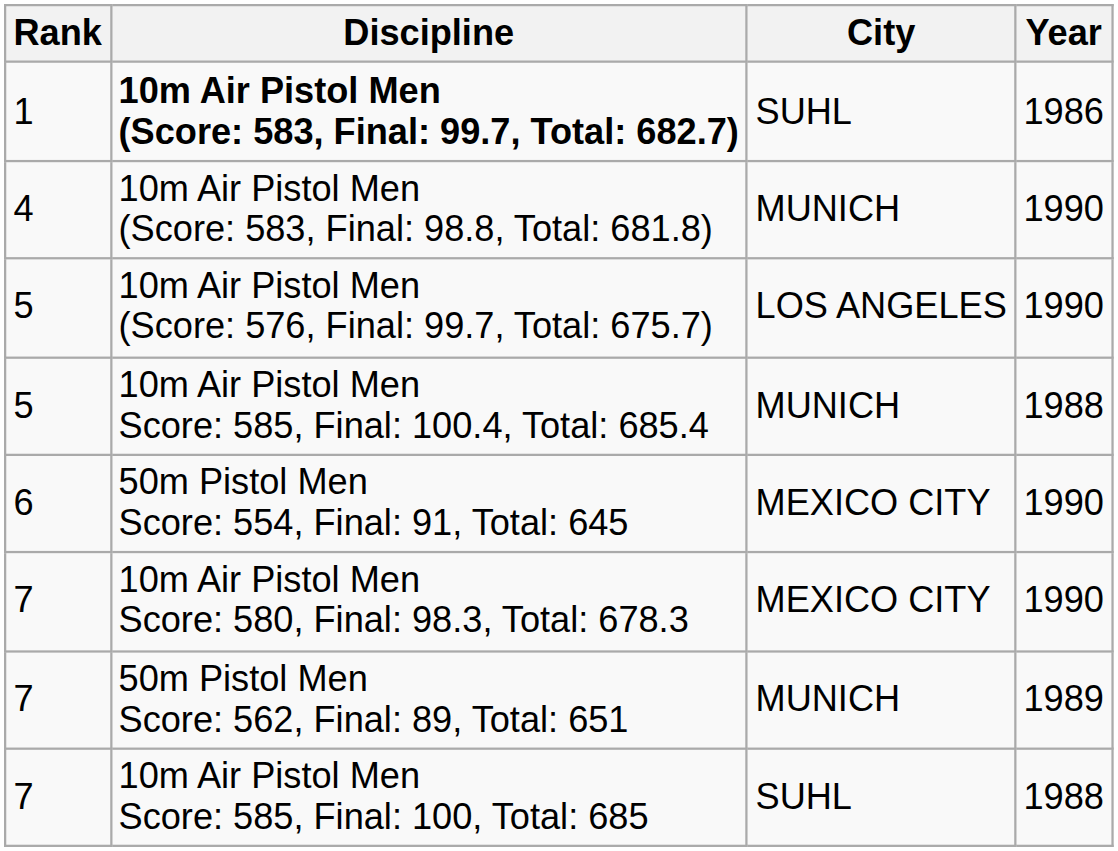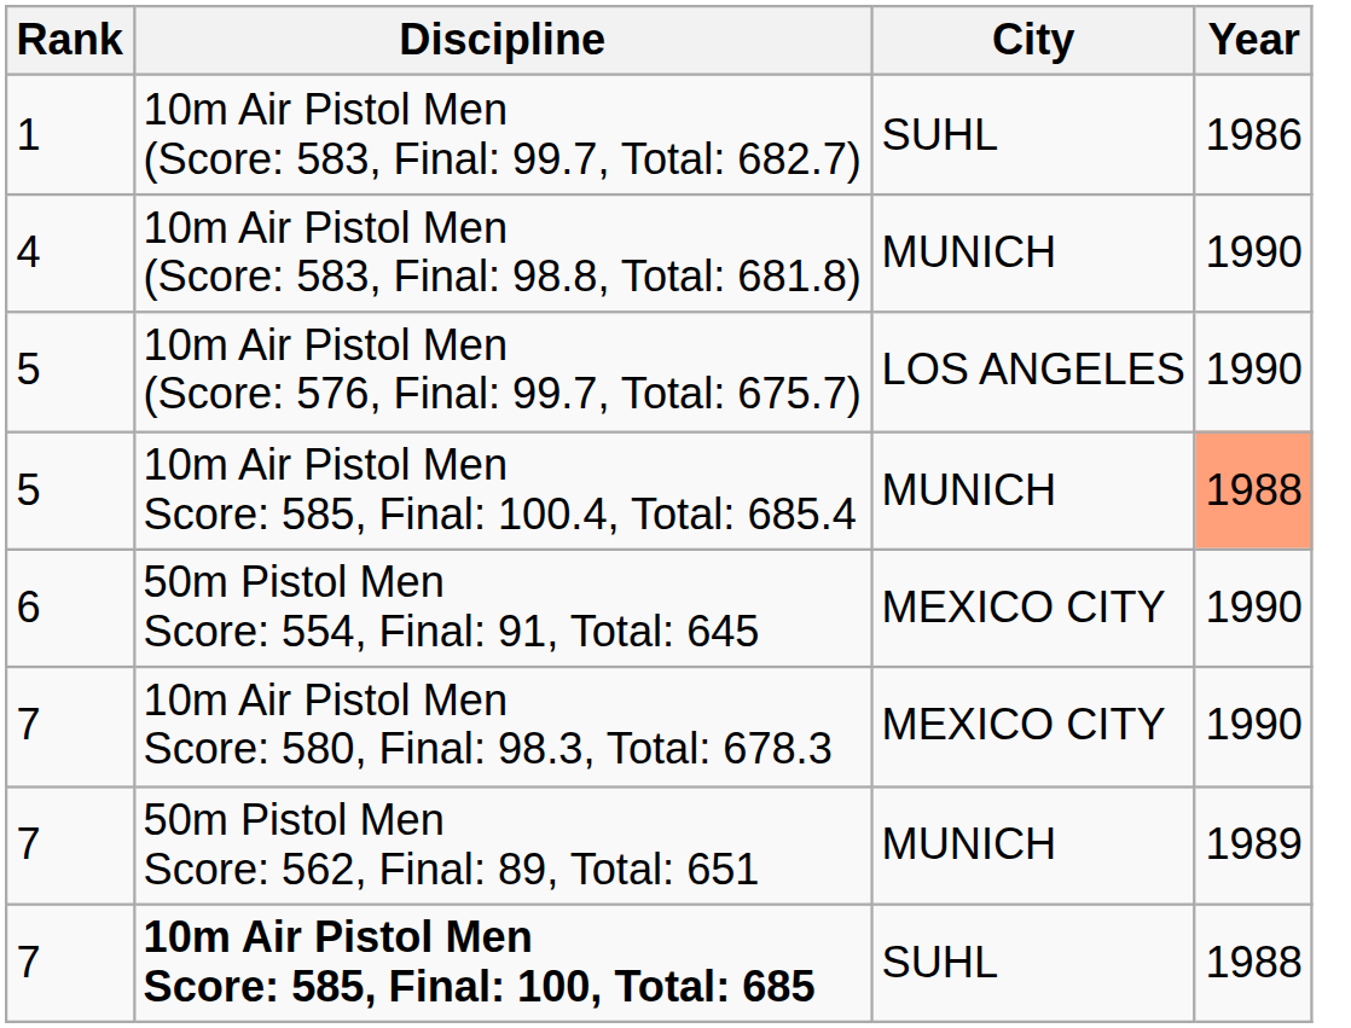 <table class="wikitable">
 <tr>
 <th>Rank</th>
 <th>Discipline</th>
 <th>City</th>
 <th>Year</th>
 </tr>
 <tr>
 <td>1</td>
-<td><strong>10m Air Pistol Men<br>(Score: 583, Final: 99.7, Total: 682.7)</strong></td>
+<td>10m Air Pistol Men<br>(Score: 583, Final: 99.7, Total: 682.7)</td>
 <td>SUHL</td>
 <td>1986</td>
 </tr>
 <tr>
 <td>4</td>
 <td>10m Air Pistol Men<br>(Score: 583, Final: 98.8, Total: 681.8)</td>
 <td>MUNICH</td>
 <td>1990</td>
 </tr>
 <tr>
 <td>5</td>
 <td>10m Air Pistol Men<br>(Score: 576, Final: 99.7, Total: 675.7)</td>
 <td>LOS ANGELES</td>
 <td>1990</td>
 </tr>
 <tr>
 <td>5</td>
 <td>10m Air Pistol Men<br>Score: 585, Final: 100.4, Total: 685.4</td>
 <td>MUNICH</td>
-<td>1988</td>
+<td style="background: lightsalmon;">1988</td>
 </tr>
 <tr>
 <td>6</td>
 <td>50m Pistol Men<br>Score: 554, Final: 91, Total: 645</td>
 <td>MEXICO CITY</td>
 <td>1990</td>
 </tr>
 <tr>
 <td>7</td>
 <td>10m Air Pistol Men<br>Score: 580, Final: 98.3, Total: 678.3</td>
 <td>MEXICO CITY</td>
 <td>1990</td>
 </tr>
 <tr>
 <td>7</td>
 <td>50m Pistol Men<br>Score: 562, Final: 89, Total: 651</td>
 <td>MUNICH</td>
 <td>1989</td>
 </tr>
 <tr>
 <td>7</td>
-<td>10m Air Pistol Men<br>Score: 585, Final: 100, Total: 685</td>
+<td><strong>10m Air Pistol Men<br>Score: 585, Final: 100, Total: 685</strong></td>
 <td>SUHL</td>
 <td>1988</td>
 </tr>
 </table>
